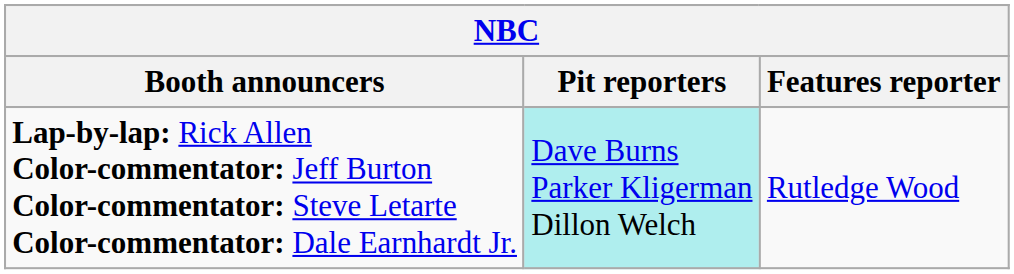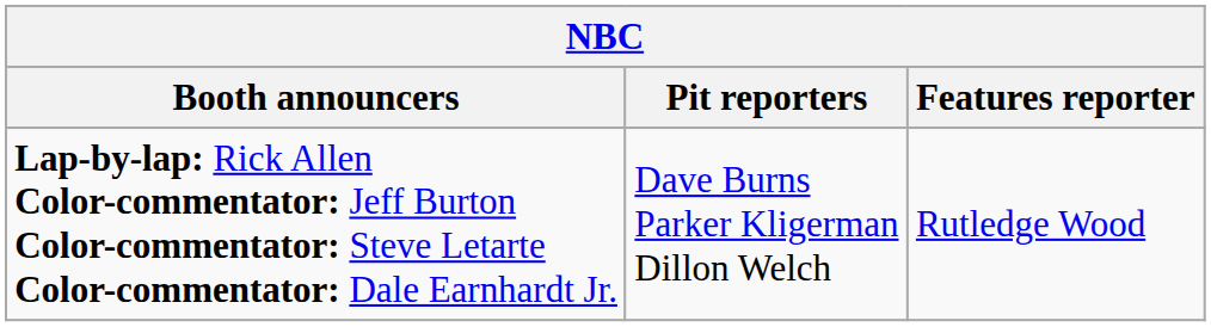 <table class="wikitable" style="font-size: 95%">
 <tr>
 <th colspan="3"><a href='#'>NBC</a></th>
 </tr>
 <tr>
 <th>Booth announcers</th>
 <th>Pit reporters</th>
 <th>Features reporter</th>
 </tr>
 <tr>
 <td><strong>Lap-by-lap:</strong> <a href='#'>Rick Allen</a><br><strong>Color-commentator:</strong> <a href='#'>Jeff Burton</a><br><strong>Color-commentator:</strong> <a href='#'>Steve Letarte</a><br><strong>Color-commentator:</strong> <a href='#'>Dale Earnhardt Jr.</a></td>
-<td style="background: paleturquoise;"><a href='#'>Dave Burns</a><br><a href='#'>Parker Kligerman</a><br>Dillon Welch</td>
+<td><a href='#'>Dave Burns</a><br><a href='#'>Parker Kligerman</a><br>Dillon Welch</td>
 <td><a href='#'>Rutledge Wood</a></td>
 </tr>
 </table>
